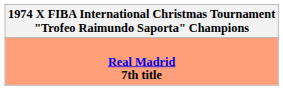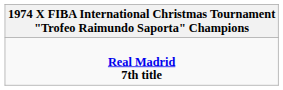 <table class=wikitable style="text-align:center; margin:auto">
 <tr>
 <th>1974 X FIBA International Christmas Tournament<br>"Trofeo Raimundo Saporta" Champions</th>
 </tr>
 <tr>
-<td style="background: lightsalmon;"><br><strong><a href='#'>Real Madrid</a></strong><br><strong>7th title</strong></td>
+<td><br><strong><a href='#'>Real Madrid</a></strong><br><strong>7th title</strong></td>
 </tr>
 </table>
